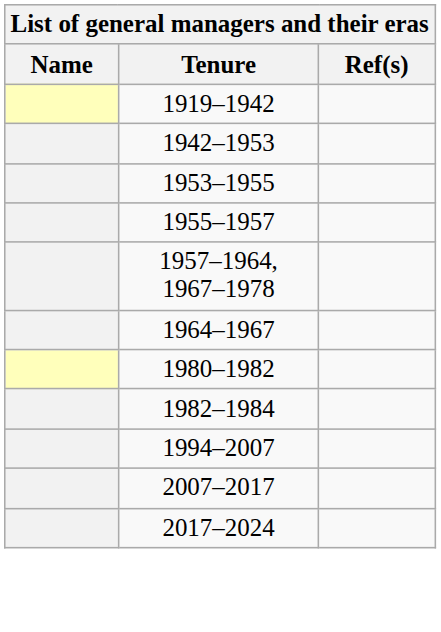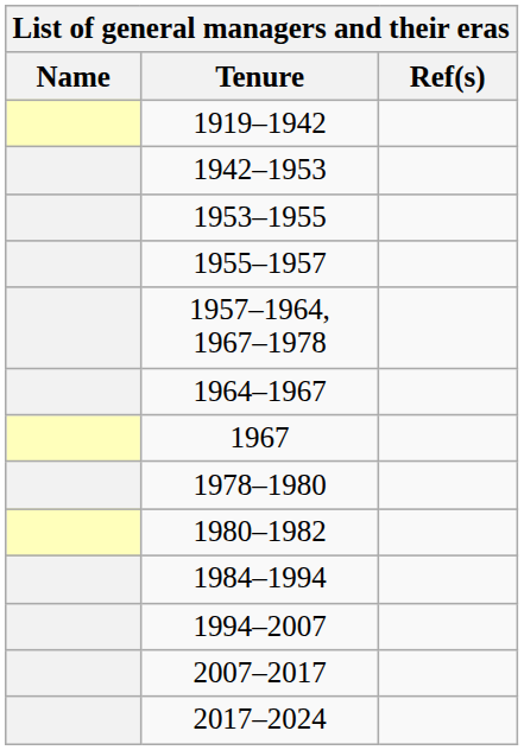 <table class="wikitable sortable plainrowheaders" style="text-align:center">
 <tr>
 <th colspan=3>List of general managers and their eras</th>
 </tr>
 <tr>
 <th scope="col">Name</th>
 <th scope="col">Tenure</th>
 <th scope="col" class="unsortable">Ref(s)</th>
 </tr>
 <tr>
 <th scope="row" style="background:#ffb;"></th>
 <td>1919–1942</td>
 <td></td>
 </tr>
 <tr>
 <th scope="row"></th>
 <td>1942–1953</td>
 <td></td>
 </tr>
 <tr>
 <th scope="row"></th>
 <td>1953–1955</td>
 <td></td>
 </tr>
 <tr>
 <th scope="row"></th>
 <td>1955–1957</td>
 <td></td>
 </tr>
 <tr>
 <th scope="row"></th>
 <td>1957–1964,<br>1967–1978</td>
 <td></td>
 </tr>
 <tr>
 <th scope="row"></th>
 <td>1964–1967</td>
 <td></td>
 </tr>
 <tr>
 <th scope="row" style="background:#ffb;"></th>
+<td>1967</td>
+<td></td>
+</tr>
+<tr>
+<th scope="row"></th>
+<td>1978–1980</td>
+<td></td>
+</tr>
+<tr>
+<th scope="row" style="background:#ffb;"></th>
 <td>1980–1982</td>
 <td></td>
 </tr>
 <tr>
 <th scope="row"></th>
-<td>1982–1984</td>
+<td>1984–1994</td>
 <td></td>
 </tr>
 <tr>
 <th scope="row"></th>
 <td>1994–2007</td>
 <td></td>
 </tr>
 <tr>
 <th scope="row"></th>
 <td>2007–2017</td>
 <td></td>
 </tr>
 <tr>
 <th scope="row"></th>
 <td>2017–2024</td>
 <td></td>
 </tr>
 </table>
